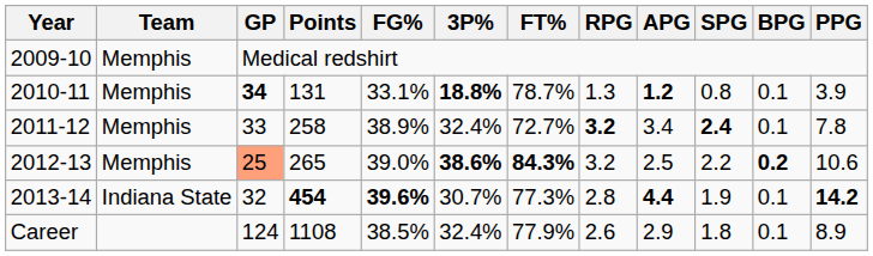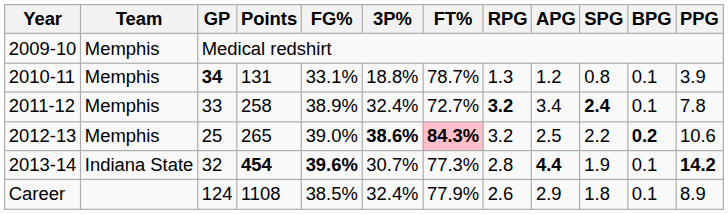 <table class="wikitable">
 <tr>
 <th>Year</th>
 <th>Team</th>
 <th>GP</th>
 <th>Points</th>
 <th>FG%</th>
 <th>3P%</th>
 <th>FT%</th>
 <th>RPG</th>
 <th>APG</th>
 <th>SPG</th>
 <th>BPG</th>
 <th>PPG</th>
 </tr>
 <tr>
 <td>2009-10</td>
 <td>Memphis</td>
 <td colspan="10">Medical redshirt</td>
 </tr>
 <tr>
 <td>2010-11</td>
 <td>Memphis</td>
 <td><strong>34</strong></td>
 <td>131</td>
 <td>33.1%</td>
-<td><strong>18.8%</strong></td>
+<td>18.8%</td>
 <td>78.7%</td>
 <td>1.3</td>
-<td><strong>1.2</strong></td>
+<td>1.2</td>
 <td>0.8</td>
 <td>0.1</td>
 <td>3.9</td>
 </tr>
 <tr>
 <td>2011-12</td>
 <td>Memphis</td>
 <td>33</td>
 <td>258</td>
 <td>38.9%</td>
 <td>32.4%</td>
 <td>72.7%</td>
 <td><strong>3.2</strong></td>
 <td>3.4</td>
 <td><strong>2.4</strong></td>
 <td>0.1</td>
 <td>7.8</td>
 </tr>
 <tr>
 <td>2012-13</td>
 <td>Memphis</td>
-<td style="background: lightsalmon;">25</td>
+<td>25</td>
 <td>265</td>
 <td>39.0%</td>
 <td><strong>38.6%</strong></td>
-<td><strong>84.3%</strong></td>
+<td style="background: pink;"><strong>84.3%</strong></td>
 <td>3.2</td>
 <td>2.5</td>
 <td>2.2</td>
 <td><strong>0.2</strong></td>
 <td>10.6</td>
 </tr>
 <tr>
 <td>2013-14</td>
 <td>Indiana State</td>
 <td>32</td>
 <td><strong>454</strong></td>
 <td><strong>39.6%</strong></td>
 <td>30.7%</td>
 <td>77.3%</td>
 <td>2.8</td>
 <td><strong>4.4</strong></td>
 <td>1.9</td>
 <td>0.1</td>
 <td><strong>14.2</strong></td>
 </tr>
 <tr>
 <td>Career</td>
 <td></td>
 <td>124</td>
 <td>1108</td>
 <td>38.5%</td>
 <td>32.4%</td>
 <td>77.9%</td>
 <td>2.6</td>
 <td>2.9</td>
 <td>1.8</td>
 <td>0.1</td>
 <td>8.9</td>
 </tr>
 </table>
